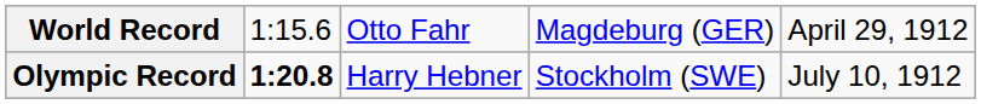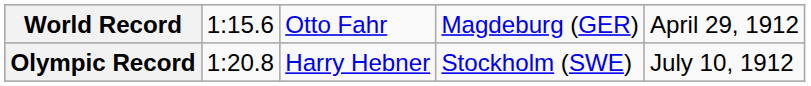 <table class="wikitable" style="font-size:95%;">
 <tr>
 <th>World Record</th>
 <td>1:15.6</td>
 <td> <a href='#'>Otto Fahr</a></td>
 <td><a href='#'>Magdeburg</a> (<a href='#'>GER</a>)</td>
 <td>April 29, 1912</td>
 </tr>
 <tr>
 <th>Olympic Record</th>
-<td><strong>1:20.8</strong></td>
+<td>1:20.8</td>
 <td> <a href='#'>Harry Hebner</a></td>
 <td><a href='#'>Stockholm</a> (<a href='#'>SWE</a>)</td>
 <td>July 10, 1912</td>
 </tr>
 </table>
